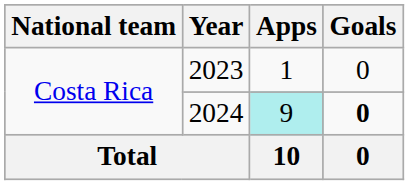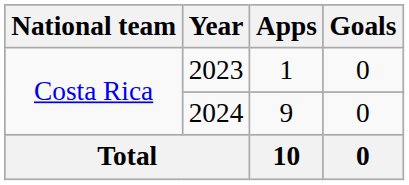 <table class="wikitable" style="text-align:center">
 <tr>
 <th>National team</th>
 <th>Year</th>
 <th>Apps</th>
 <th>Goals</th>
 </tr>
 <tr>
 <td rowspan="2"><a href='#'>Costa Rica</a></td>
 <td>2023</td>
 <td>1</td>
 <td>0</td>
 </tr>
 <tr>
 <td>2024</td>
-<td style="background: paleturquoise;">9</td>
-<td><strong>0</strong></td>
+<td>9</td>
+<td>0</td>
 </tr>
 <tr>
 <th colspan="2">Total</th>
 <th>10</th>
 <th>0</th>
 </tr>
 </table>
